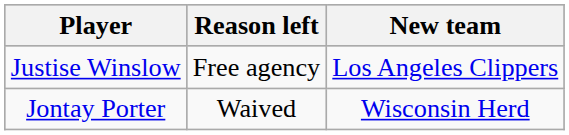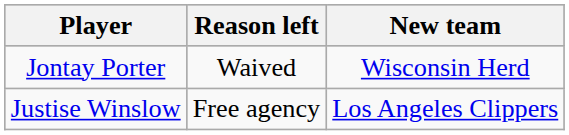 <table class="wikitable sortable sortable" style="text-align: center">
 <tr>
 <th>Player</th>
 <th>Reason left</th>
 <th>New team</th>
 </tr>
 <tr>
+<td><a href='#'>Jontay Porter</a></td>
+<td>Waived</td>
+<td><a href='#'>Wisconsin Herd</a></td>
+</tr>
+<tr>
 <td><a href='#'>Justise Winslow</a></td>
 <td>Free agency</td>
 <td><a href='#'>Los Angeles Clippers</a></td>
 </tr>
-<tr>
-<td><a href='#'>Jontay Porter</a></td>
-<td>Waived</td>
-<td><a href='#'>Wisconsin Herd</a></td>
-</tr>
 </table>
